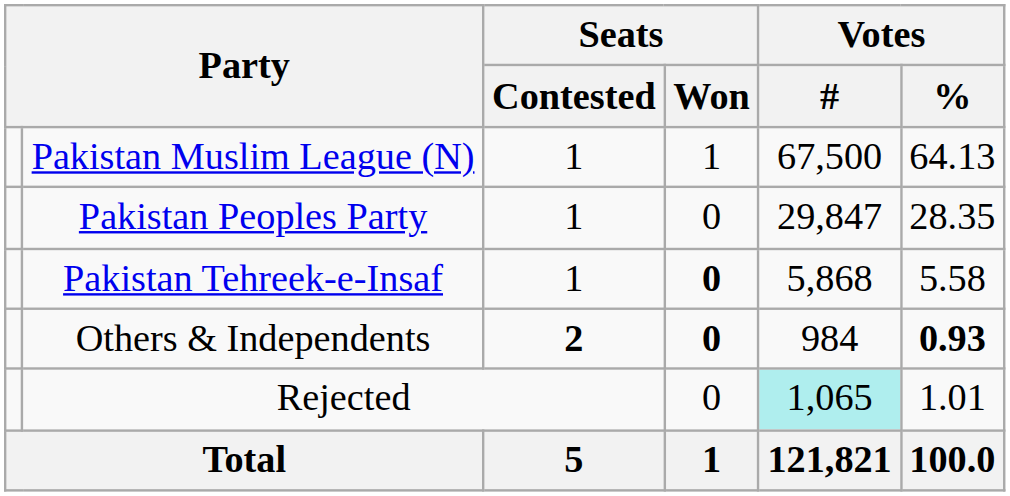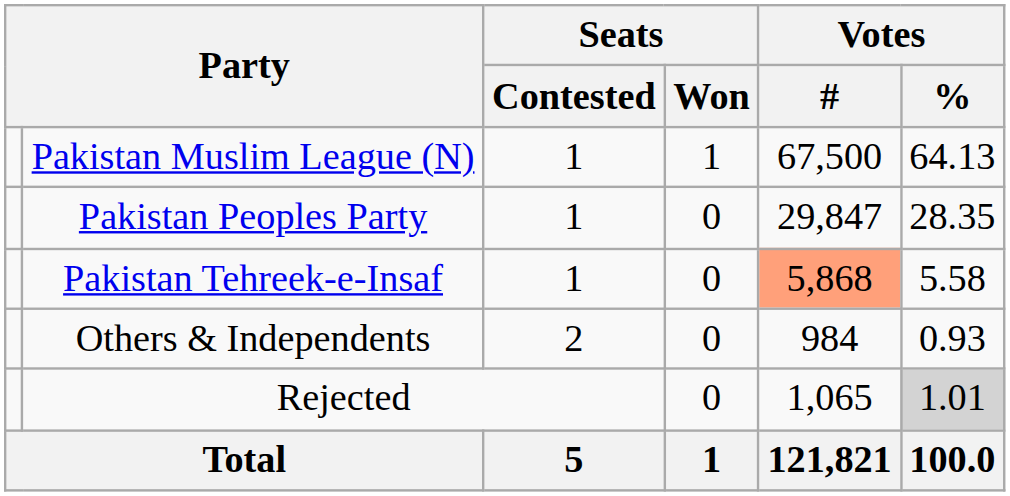 <table class="wikitable" style="text-align: center">
 <tr>
 <th colspan="2" rowspan="2">Party</th>
 <th colspan="2">Seats</th>
 <th colspan="2">Votes</th>
 </tr>
 <tr>
 <th>Contested</th>
 <th>Won</th>
 <th>#</th>
 <th>%</th>
 </tr>
 <tr>
 <td style="color:inherit;background:"></td>
 <td><a href='#'>Pakistan Muslim League (N)</a></td>
 <td>1</td>
 <td>1</td>
 <td>67,500</td>
 <td>64.13</td>
 </tr>
 <tr>
 <td style="color:inherit;background:"></td>
 <td><a href='#'>Pakistan Peoples Party</a></td>
 <td>1</td>
 <td>0</td>
 <td>29,847</td>
 <td>28.35</td>
 </tr>
 <tr>
 <td style="color:inherit;background:"></td>
 <td><a href='#'>Pakistan Tehreek-e-Insaf</a></td>
 <td>1</td>
-<td><strong>0</strong></td>
-<td>5,868</td>
+<td>0</td>
+<td style="background: lightsalmon;">5,868</td>
 <td>5.58</td>
 </tr>
 <tr>
 <td style="color:inherit;background:"></td>
 <td>Others & Independents</td>
-<td><strong>2</strong></td>
-<td><strong>0</strong></td>
+<td>2</td>
+<td>0</td>
 <td>984</td>
-<td><strong>0.93</strong></td>
+<td>0.93</td>
 </tr>
 <tr>
 <td style="color:inherit;background:"></td>
 <td colspan="2">Rejected</td>
 <td>0</td>
-<td style="background: paleturquoise;">1,065</td>
-<td>1.01</td>
+<td>1,065</td>
+<td style="background: lightgrey;">1.01</td>
 </tr>
 <tr>
 <th colspan="2">Total</th>
 <th>5</th>
 <th>1</th>
 <th>121,821</th>
 <th>100.0</th>
 </tr>
 </table>
